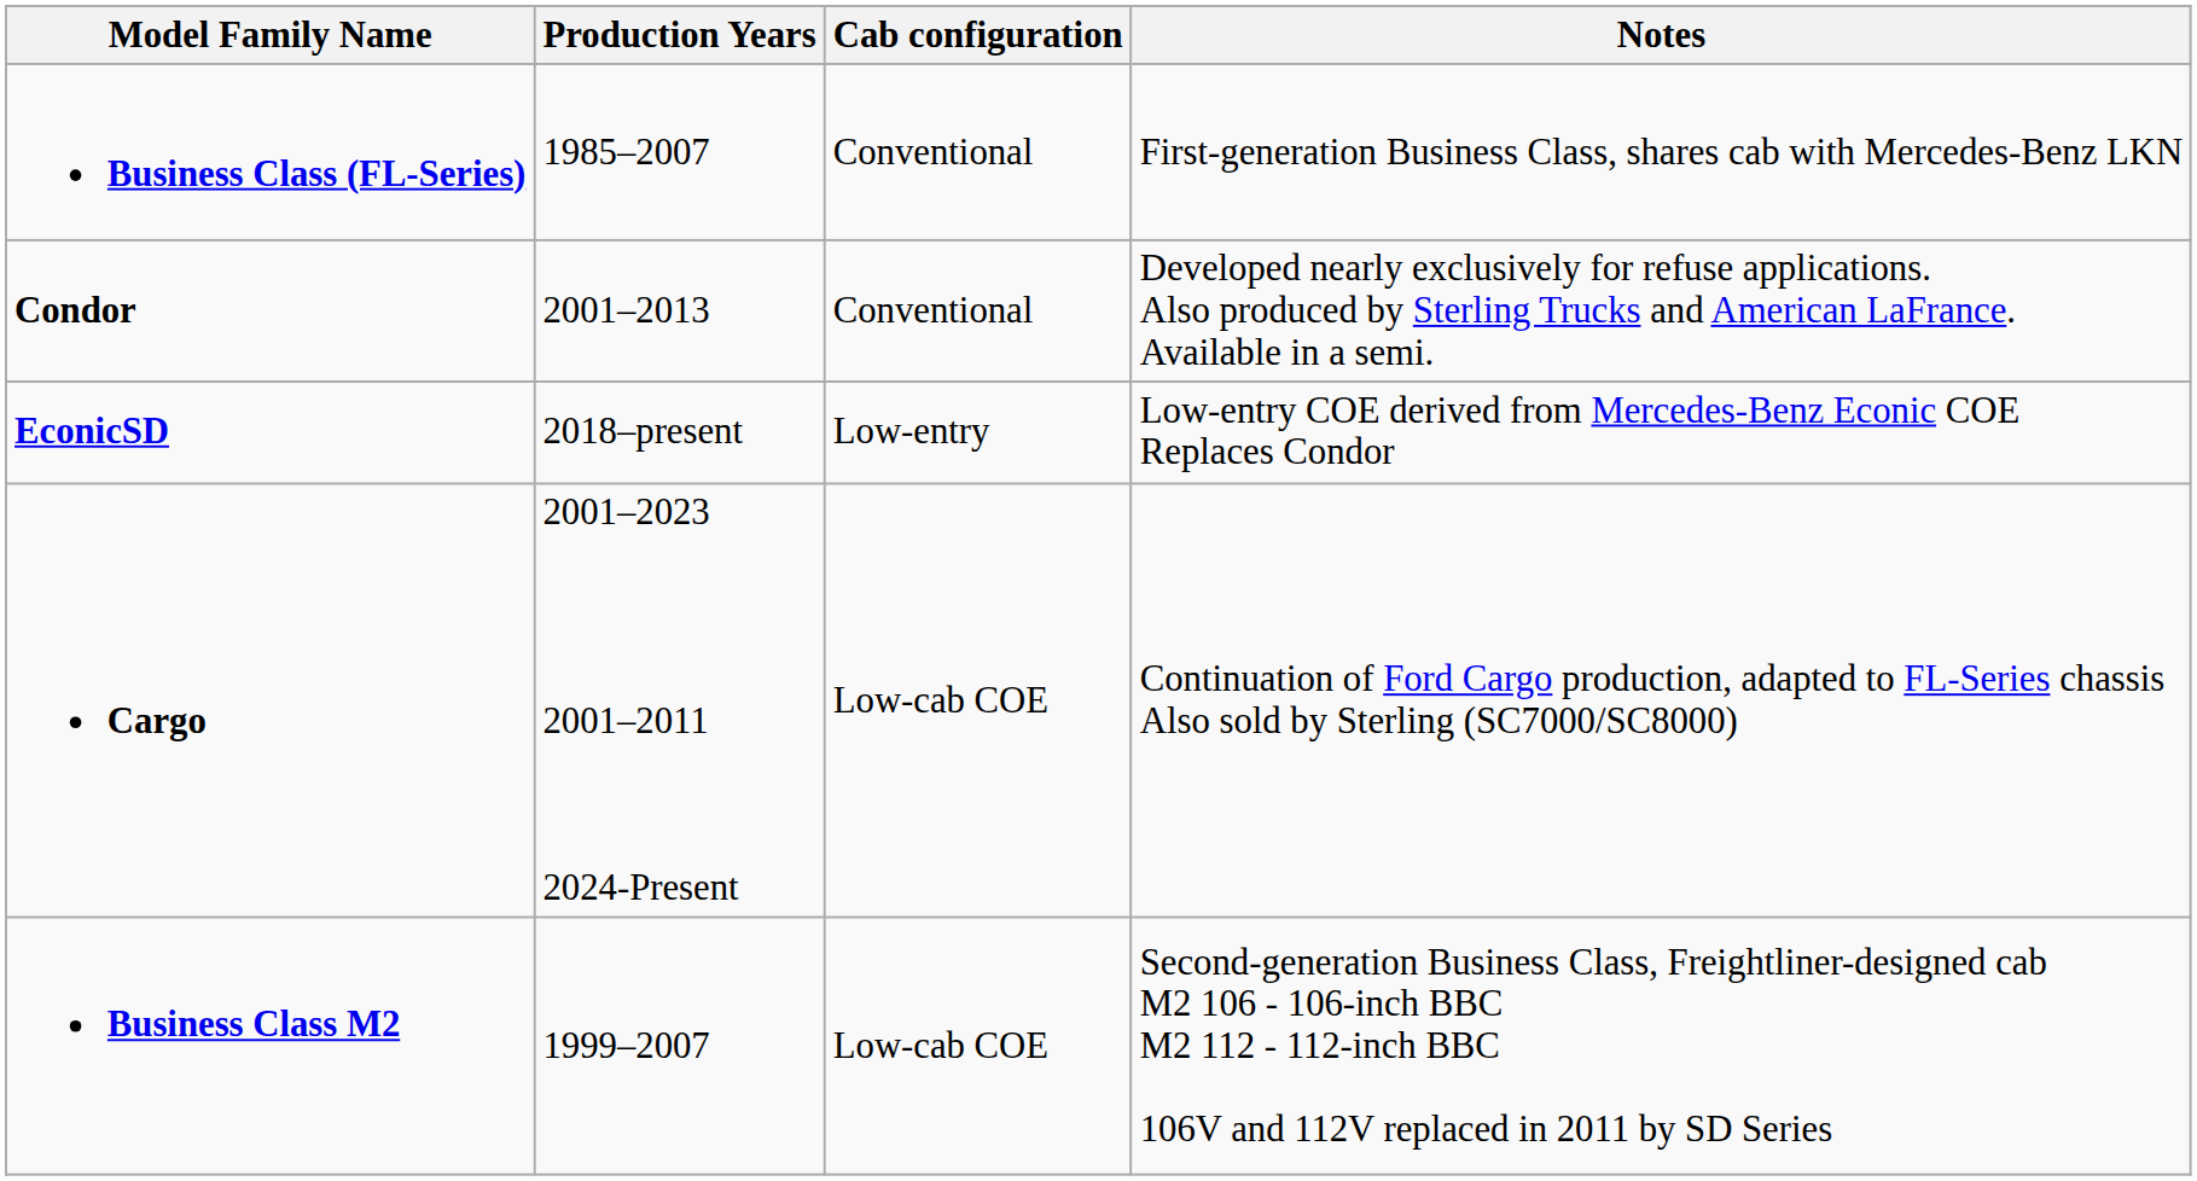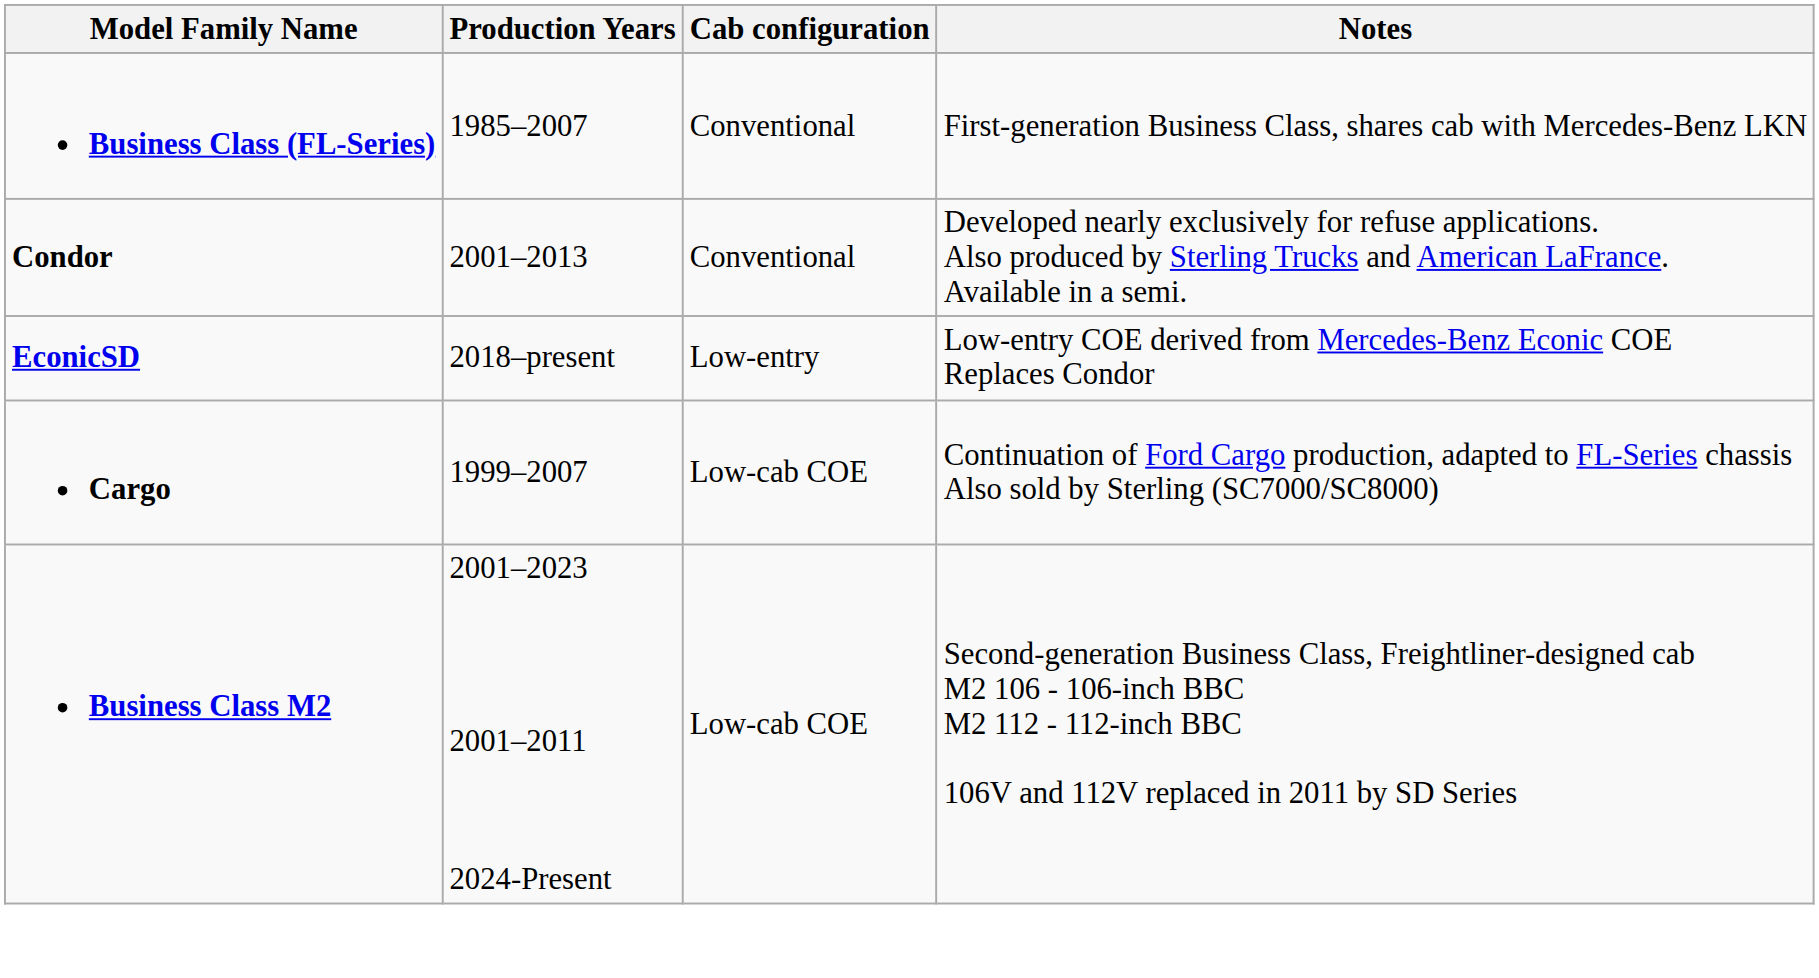 <table class="wikitable">
 <tr>
 <th>Model Family Name</th>
 <th>Production Years</th>
 <th>Cab configuration</th>
 <th>Notes</th>
 </tr>
 <tr>
 <td><br><ul><li><strong><a href='#'>Business Class (FL-Series)</a></strong></li></ul></td>
 <td>1985–2007</td>
 <td>Conventional</td>
 <td>First-generation Business Class, shares cab with Mercedes-Benz LKN</td>
 </tr>
 <tr>
 <td><strong>Condor</strong></td>
 <td>2001–2013</td>
 <td>Conventional</td>
 <td>Developed nearly exclusively for refuse applications.<br>Also produced by <a href='#'>Sterling Trucks</a> and <a href='#'>American LaFrance</a>.<br>Available in a semi.</td>
 </tr>
 <tr>
 <td><a href='#'><strong>EconicSD</strong></a></td>
 <td>2018–present</td>
 <td>Low-entry</td>
 <td>Low-entry COE derived from <a href='#'>Mercedes-Benz Econic</a> COE<br>Replaces Condor</td>
 </tr>
 <tr>
 <td><br><ul><li><strong>Cargo</strong></li></ul></td>
-<td>2001–2023<br><br><br><br><br>2001–2011<br><br><br><br>2024-Present</td>
+<td>1999–2007</td>
 <td>Low-cab COE</td>
 <td>Continuation of <a href='#'>Ford Cargo</a> production, adapted to <a href='#'>FL-Series</a> chassis<br>Also sold by Sterling (SC7000/SC8000)<br></td>
 </tr>
 <tr>
 <td><br><ul><li><strong><a href='#'>Business Class M2</a></strong></li></ul><br><br></td>
-<td>1999–2007</td>
+<td>2001–2023<br><br><br><br><br>2001–2011<br><br><br><br>2024-Present</td>
 <td>Low-cab COE</td>
 <td>Second-generation Business Class, Freightliner-designed cab<br>M2 106 - 106-inch BBC<br>M2 112 - 112-inch BBC<br><br> 106V and 112V replaced in 2011 by SD Series</td>
 </tr>
 </table>
